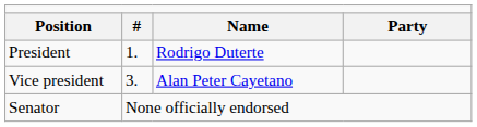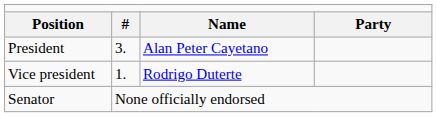 <table class=wikitable style="font-size:90%">
 <tr>
 <td colspan="5"></td>
 </tr>
 <tr>
 <th width=95px>Position</th>
 <th width=20px>#</th>
 <th width=160px>Name</th>
 <th colspan=2 width=105px>Party</th>
 </tr>
 <tr>
 <td>President</td>
-<td>1.</td>
-<td><a href='#'>Rodrigo Duterte</a></td>
+<td>3.</td>
+<td><a href='#'>Alan Peter Cayetano</a></td>
 <td></td>
 </tr>
 <tr>
 <td>Vice president</td>
-<td>3.</td>
-<td><a href='#'>Alan Peter Cayetano</a></td>
+<td>1.</td>
+<td><a href='#'>Rodrigo Duterte</a></td>
 <td></td>
 </tr>
 <tr>
 <td>Senator</td>
 <td colspan=5>None officially endorsed</td>
 </tr>
 </table>
